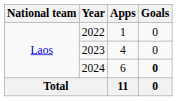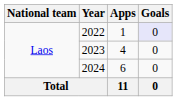 <table class="wikitable" style="text-align:center">
 <tr>
 <th>National team</th>
 <th>Year</th>
 <th>Apps</th>
 <th>Goals</th>
 </tr>
 <tr>
 <td rowspan="3"><a href='#'>Laos</a></td>
 <td>2022</td>
 <td>1</td>
-<td>0</td>
+<td style="background: lavender;">0</td>
 </tr>
 <tr>
 <td>2023</td>
 <td>4</td>
 <td>0</td>
 </tr>
 <tr>
 <td>2024</td>
 <td>6</td>
-<td><strong>0</strong></td>
+<td>0</td>
 </tr>
 <tr>
 <th colspan=2>Total</th>
 <th>11</th>
 <th>0</th>
 </tr>
 </table>
